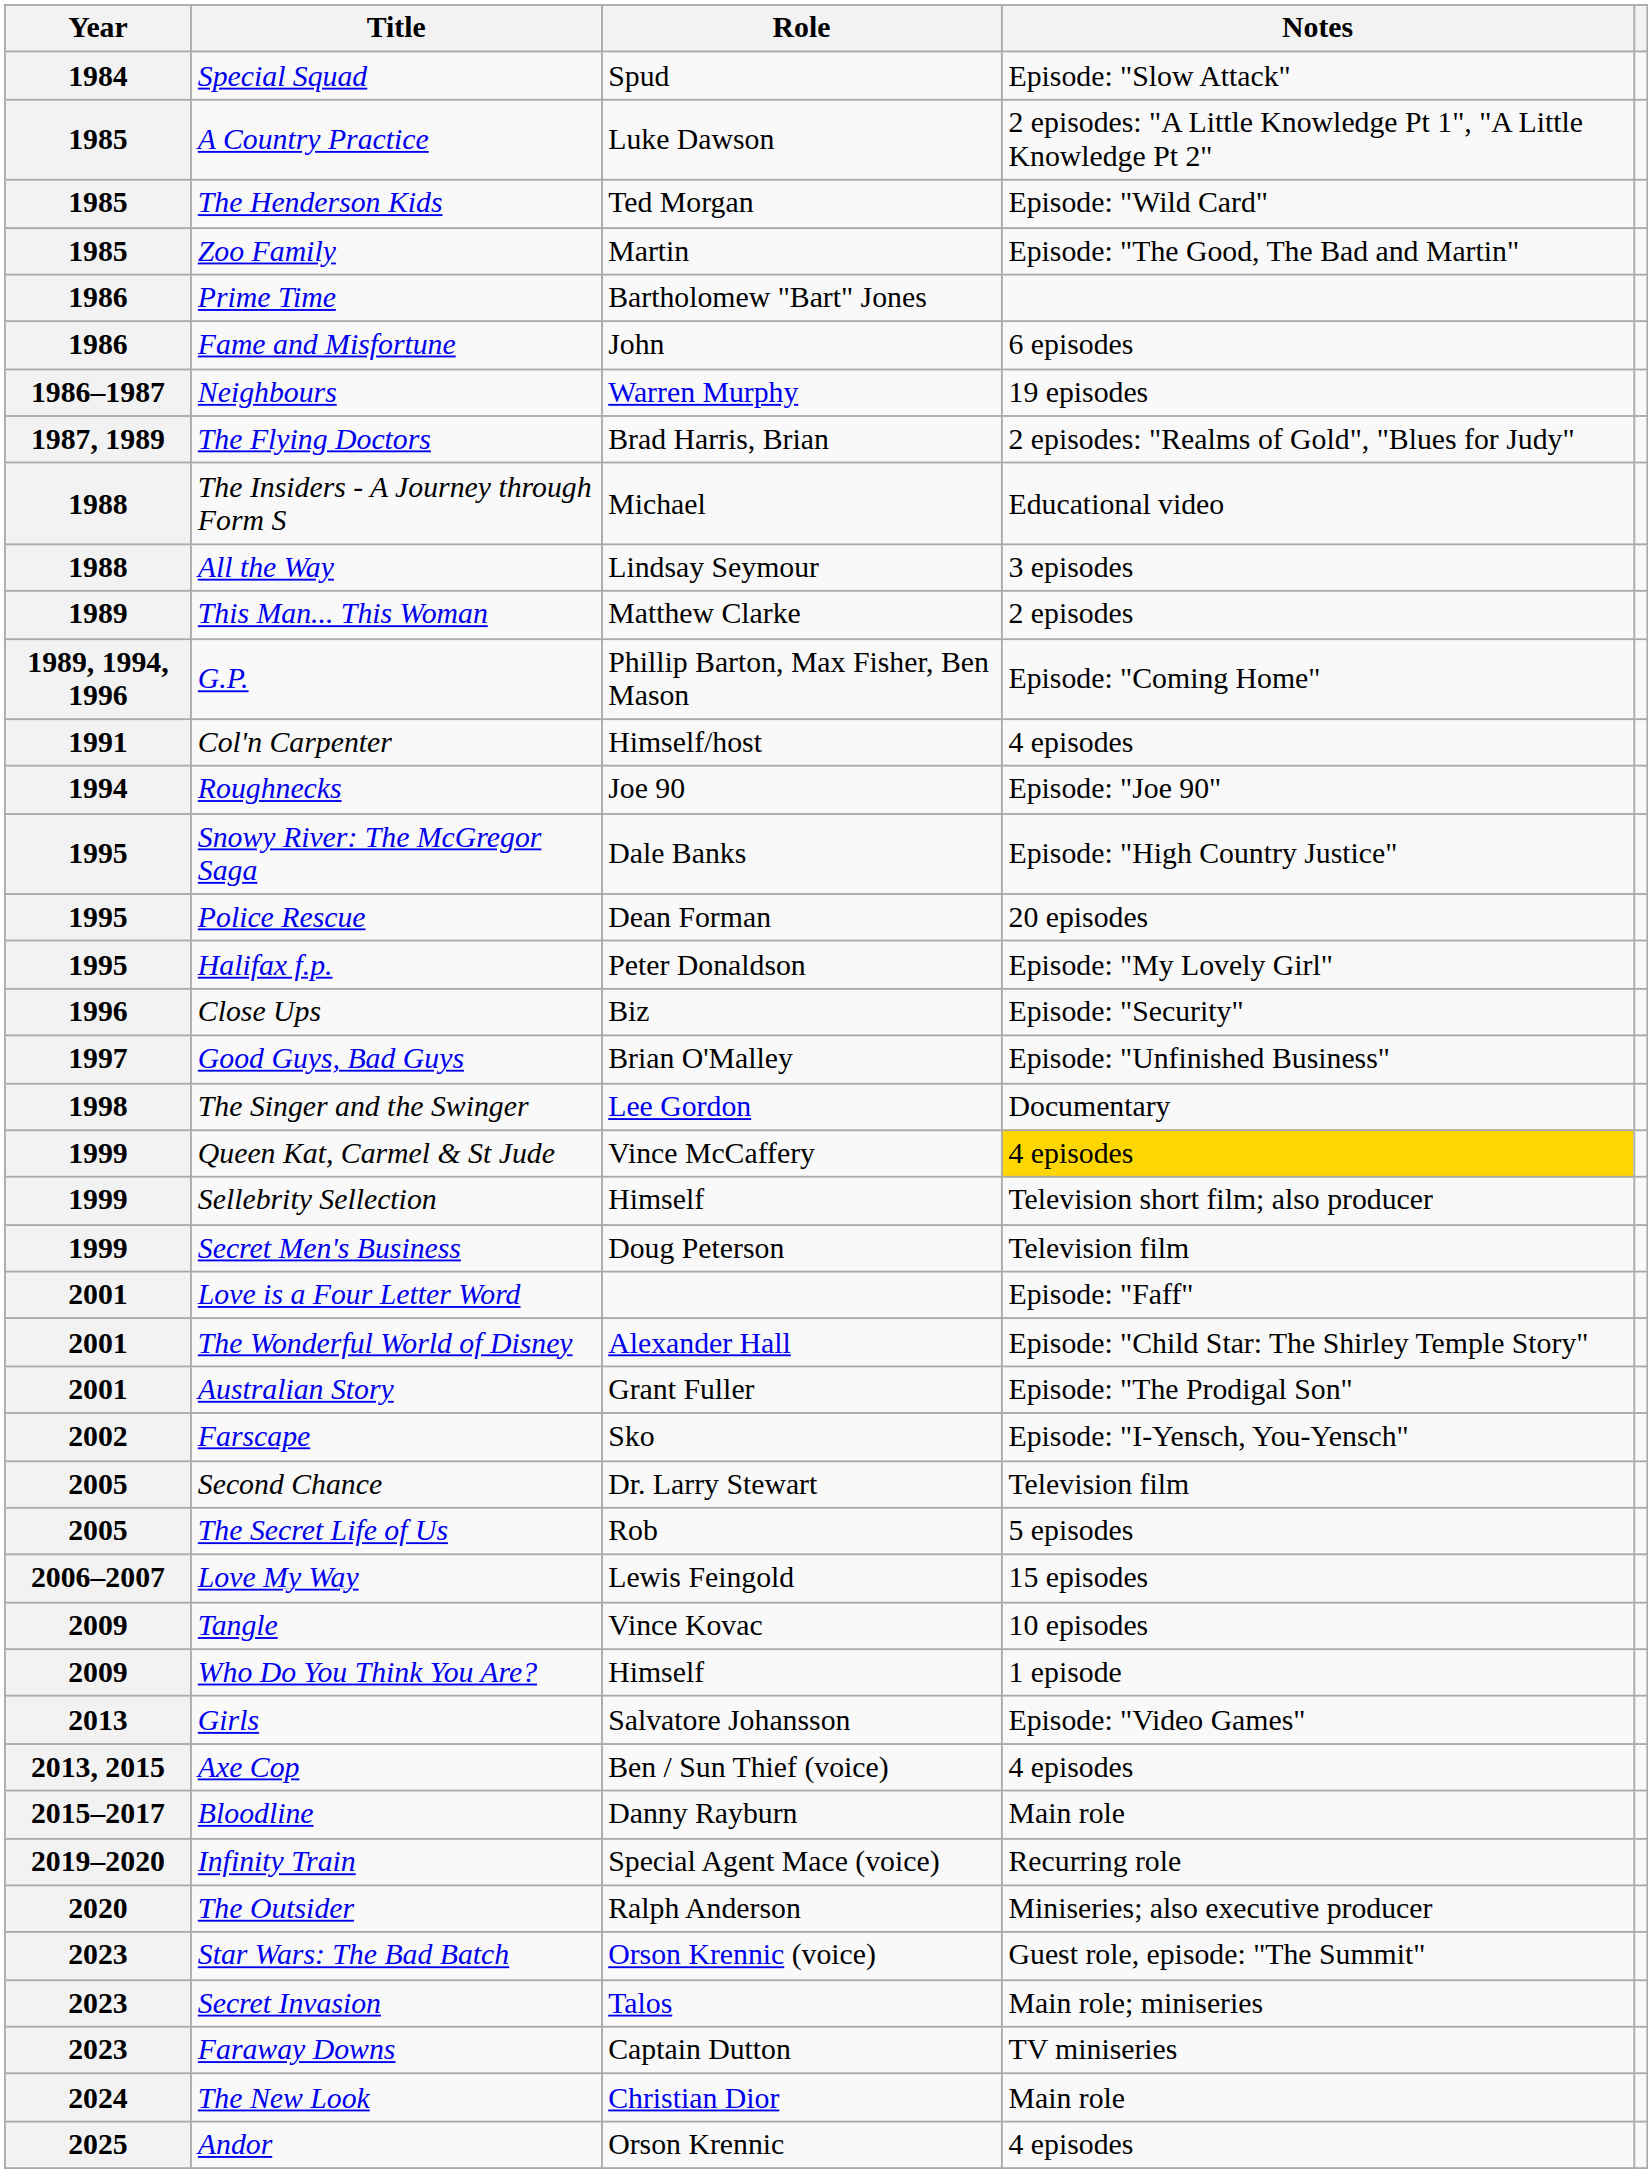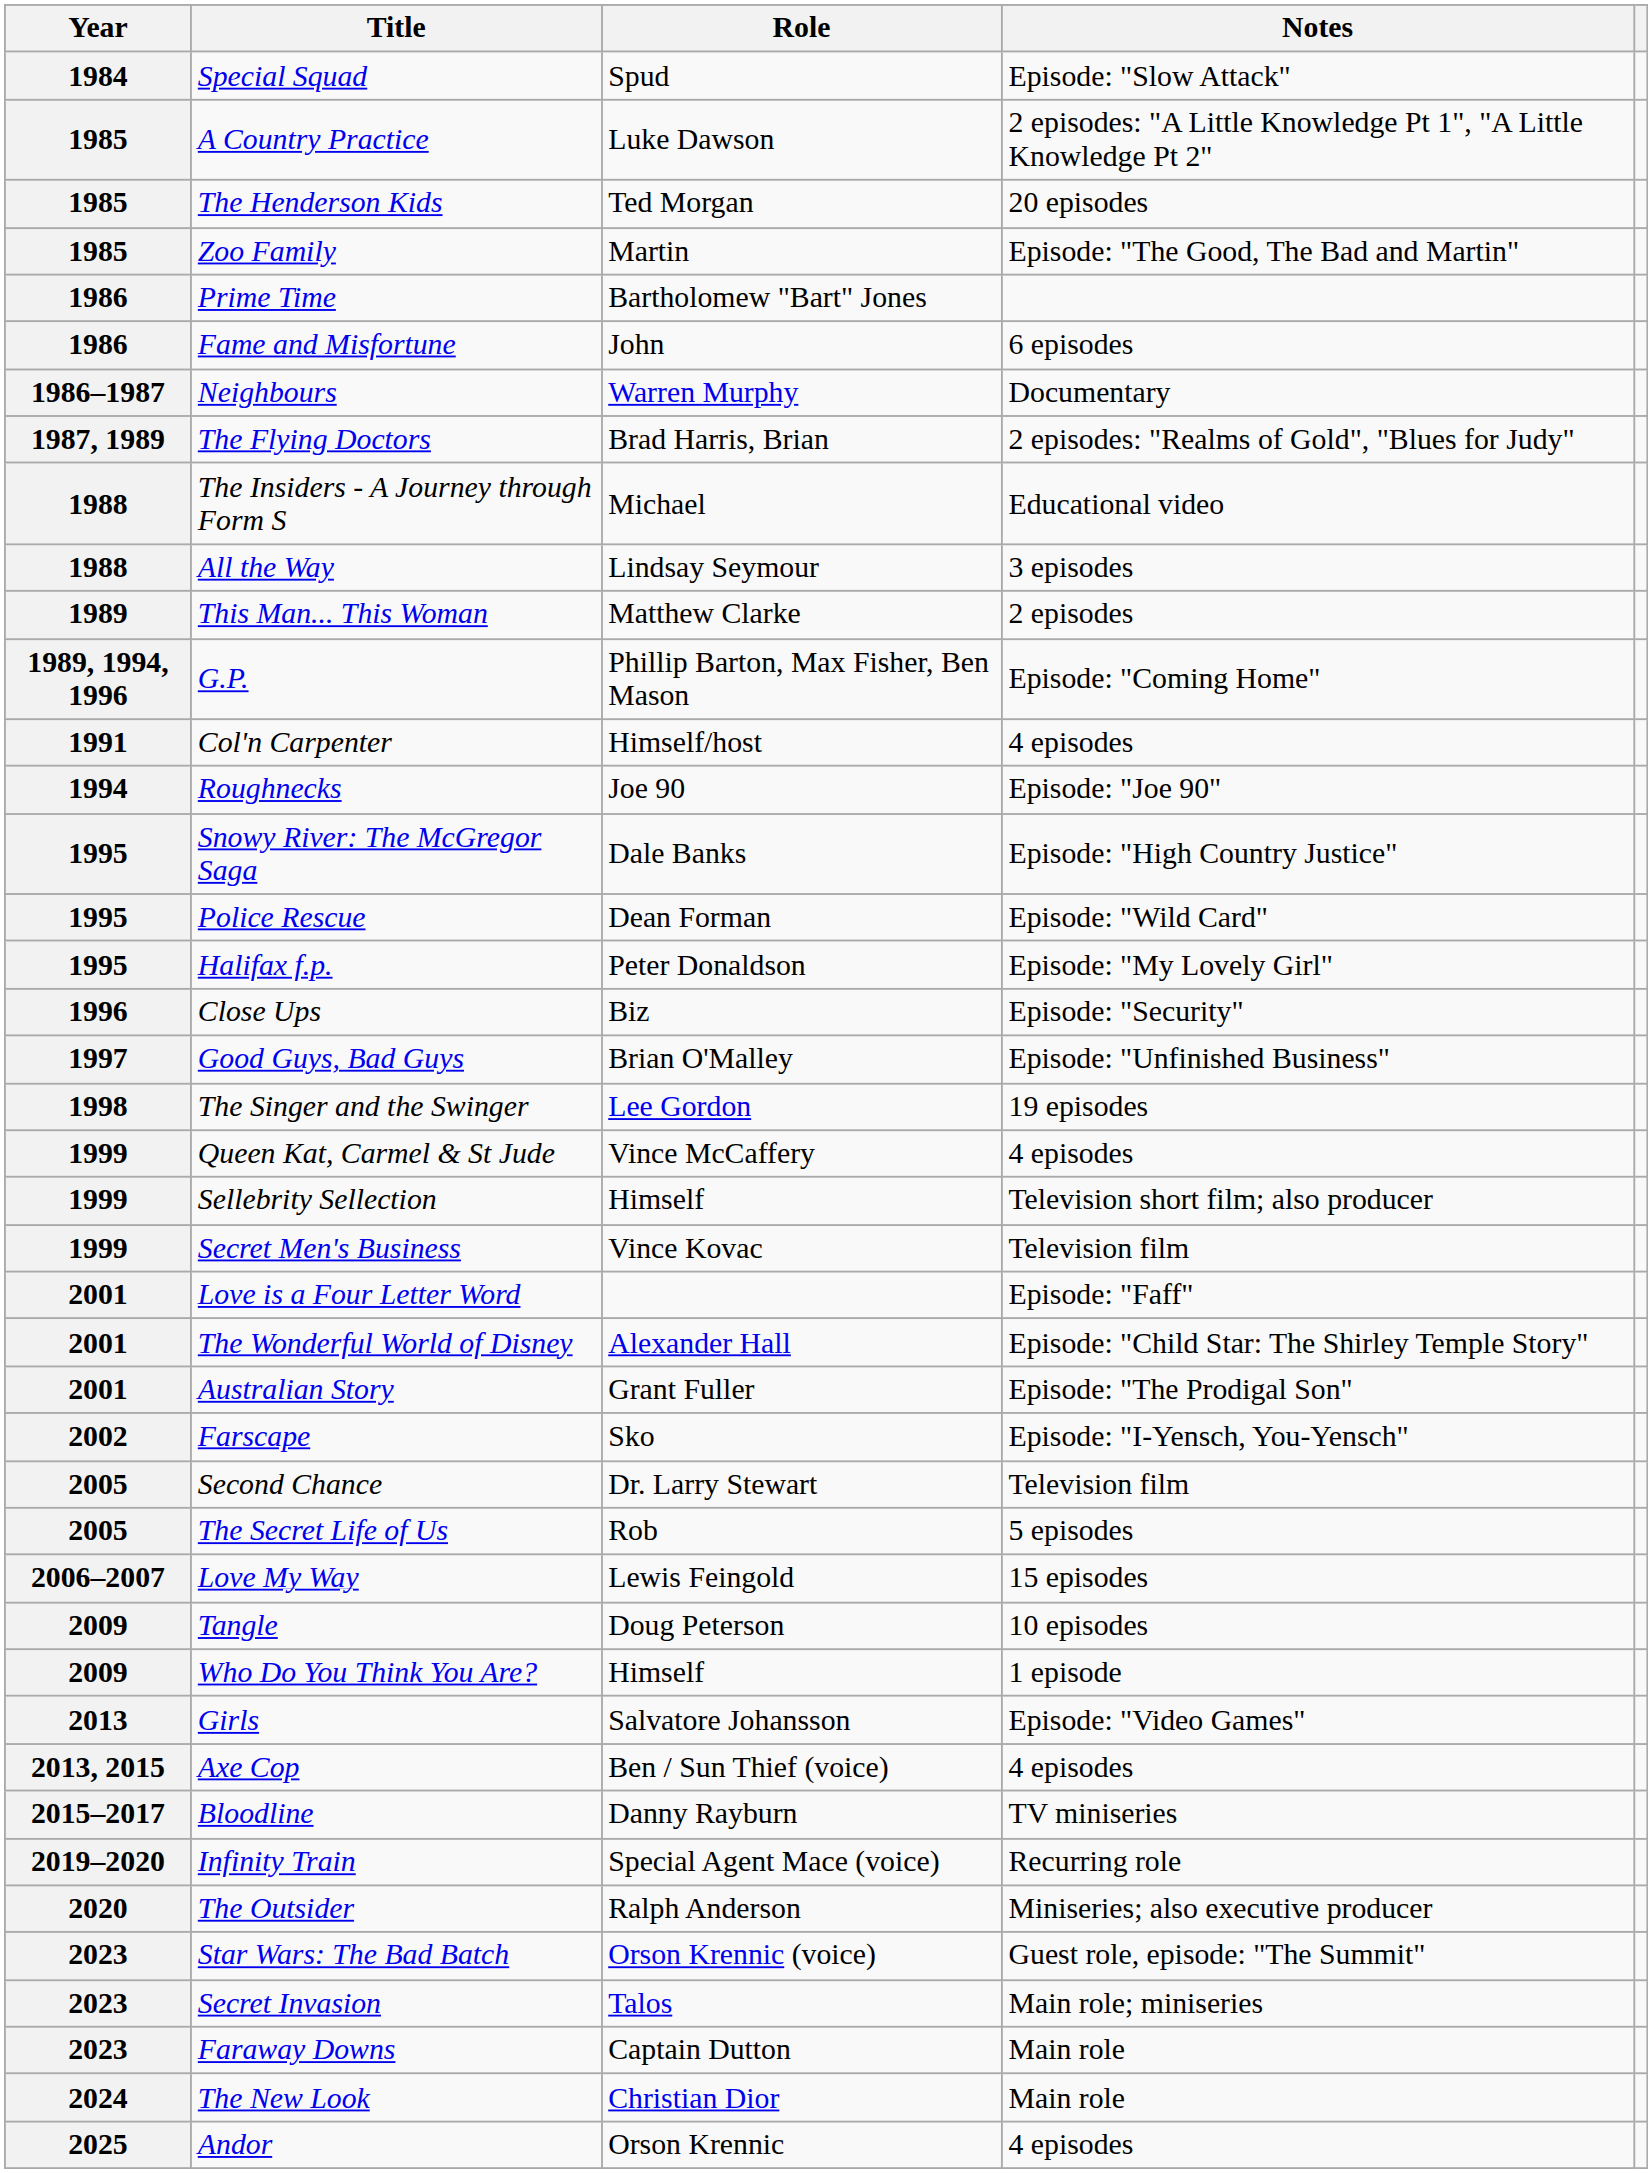 <table class="wikitable plainrowheaders sortable" style="margin-right: 0;">
 <tr>
 <th scope="col">Year</th>
 <th scope="col">Title</th>
 <th scope="col">Role</th>
 <th scope="col" class="unsortable">Notes</th>
 <th scope="col" class="unsortable"></th>
 </tr>
 <tr>
 <th scope="row">1984</th>
 <td><em><a href='#'>Special Squad</a></em></td>
 <td>Spud</td>
 <td>Episode: "Slow Attack"</td>
 <td style="text-align: center;"></td>
 </tr>
 <tr>
 <th scope="row">1985</th>
 <td><em><a href='#'>A Country Practice</a></em></td>
 <td>Luke Dawson</td>
 <td>2 episodes: "A Little Knowledge Pt 1", "A Little Knowledge Pt 2"</td>
 <td style="text-align: center;"></td>
 </tr>
 <tr>
 <th scope="row">1985</th>
 <td><em><a href='#'>The Henderson Kids</a></em></td>
 <td>Ted Morgan</td>
-<td>Episode: "Wild Card"</td>
+<td>20 episodes</td>
 <td style="text-align: center;"></td>
 </tr>
 <tr>
 <th scope="row">1985</th>
 <td><em><a href='#'>Zoo Family</a></em></td>
 <td>Martin</td>
 <td>Episode: "The Good, The Bad and Martin"</td>
 <td style="text-align: center;"></td>
 </tr>
 <tr>
 <th scope="row">1986</th>
 <td><em><a href='#'>Prime Time</a></em></td>
 <td>Bartholomew "Bart" Jones</td>
 <td></td>
 <td style="text-align: center;"></td>
 </tr>
 <tr>
 <th scope="row">1986</th>
 <td><em><a href='#'>Fame and Misfortune</a></em></td>
 <td>John</td>
 <td>6 episodes</td>
 <td style="text-align: center;"></td>
 </tr>
 <tr>
 <th scope="row">1986–1987</th>
 <td><em><a href='#'>Neighbours</a></em></td>
 <td><a href='#'>Warren Murphy</a></td>
-<td>19 episodes</td>
+<td>Documentary</td>
 <td style="text-align: center;"></td>
 </tr>
 <tr>
 <th scope="row">1987, 1989</th>
 <td><em><a href='#'>The Flying Doctors</a></em></td>
 <td>Brad Harris, Brian</td>
 <td>2 episodes: "Realms of Gold", "Blues for Judy"</td>
 <td style="text-align: center;"></td>
 </tr>
 <tr>
 <th scope="row">1988</th>
 <td><em>The Insiders - A Journey through Form S</em></td>
 <td>Michael</td>
 <td>Educational video</td>
 <td style="text-align: center;"></td>
 </tr>
 <tr>
 <th scope="row">1988</th>
 <td><em><a href='#'>All the Way</a></em></td>
 <td>Lindsay Seymour</td>
 <td>3 episodes</td>
 <td style="text-align: center;"></td>
 </tr>
 <tr>
 <th scope="row">1989</th>
 <td><em><a href='#'>This Man... This Woman</a></em></td>
 <td>Matthew Clarke</td>
 <td>2 episodes</td>
 <td style="text-align: center;"></td>
 </tr>
 <tr>
 <th scope="row">1989, 1994, 1996</th>
 <td><em><a href='#'>G.P.</a></em></td>
 <td>Phillip Barton, Max Fisher, Ben Mason</td>
 <td>Episode: "Coming Home"</td>
 <td style="text-align: center;"></td>
 </tr>
 <tr>
 <th scope="row">1991</th>
 <td><em>Col'n Carpenter</em></td>
 <td>Himself/host</td>
 <td>4 episodes</td>
 <td style="text-align: center;"></td>
 </tr>
 <tr>
 <th scope="row">1994</th>
 <td><em><a href='#'>Roughnecks</a></em></td>
 <td>Joe 90</td>
 <td>Episode: "Joe 90"</td>
 <td style="text-align: center;"></td>
 </tr>
 <tr>
 <th scope="row">1995</th>
 <td><em><a href='#'>Snowy River: The McGregor Saga</a></em></td>
 <td>Dale Banks</td>
 <td>Episode: "High Country Justice"</td>
 <td style="text-align: center;"></td>
 </tr>
 <tr>
 <th scope="row">1995</th>
 <td><em><a href='#'>Police Rescue</a></em></td>
 <td>Dean Forman</td>
-<td>20 episodes</td>
+<td>Episode: "Wild Card"</td>
 <td style="text-align: center;"></td>
 </tr>
 <tr>
 <th scope="row">1995</th>
 <td><em><a href='#'>Halifax f.p.</a></em></td>
 <td>Peter Donaldson</td>
 <td>Episode: "My Lovely Girl"</td>
 <td style="text-align: center;"></td>
 </tr>
 <tr>
 <th scope="row">1996</th>
 <td><em>Close Ups</em></td>
 <td>Biz</td>
 <td>Episode: "Security"</td>
 <td style="text-align: center;"></td>
 </tr>
 <tr>
 <th scope="row">1997</th>
 <td><em><a href='#'>Good Guys, Bad Guys</a></em></td>
 <td>Brian O'Malley</td>
 <td>Episode: "Unfinished Business"</td>
 <td style="text-align: center;"></td>
 </tr>
 <tr>
 <th scope="row">1998</th>
 <td><em>The Singer and the Swinger</em></td>
 <td><a href='#'>Lee Gordon</a></td>
-<td>Documentary</td>
+<td>19 episodes</td>
 <td style="text-align: center;"></td>
 </tr>
 <tr>
 <th scope="row">1999</th>
 <td><em>Queen Kat, Carmel & St Jude</em></td>
 <td>Vince McCaffery</td>
-<td style="background: gold;">4 episodes</td>
+<td>4 episodes</td>
 <td style="text-align: center;"></td>
 </tr>
 <tr>
 <th scope="row">1999</th>
 <td><em>Sellebrity Sellection</em></td>
 <td>Himself</td>
 <td>Television short film; also producer</td>
 <td style="text-align: center;"></td>
 </tr>
 <tr>
 <th scope="row">1999</th>
 <td><em><a href='#'>Secret Men's Business</a></em></td>
-<td>Doug Peterson</td>
+<td>Vince Kovac</td>
 <td>Television film</td>
 <td style="text-align: center;"></td>
 </tr>
 <tr>
 <th scope="row">2001</th>
 <td><em><a href='#'>Love is a Four Letter Word</a></em></td>
 <td></td>
 <td>Episode: "Faff"</td>
 <td style="text-align: center;"></td>
 </tr>
 <tr>
 <th scope="row">2001</th>
 <td><em><a href='#'>The Wonderful World of Disney</a></em></td>
 <td><a href='#'>Alexander Hall</a></td>
 <td>Episode: "Child Star: The Shirley Temple Story"</td>
 <td style="text-align: center;"></td>
 </tr>
 <tr>
 <th scope="row">2001</th>
 <td><em><a href='#'>Australian Story</a></em></td>
 <td>Grant Fuller</td>
 <td>Episode: "The Prodigal Son"</td>
 <td style="text-align: center;"></td>
 </tr>
 <tr>
 <th scope="row">2002</th>
 <td><em><a href='#'>Farscape</a></em></td>
 <td>Sko</td>
 <td>Episode: "I-Yensch, You-Yensch"</td>
 <td style="text-align: center;"></td>
 </tr>
 <tr>
 <th scope="row">2005</th>
 <td><em>Second Chance</em></td>
 <td>Dr. Larry Stewart</td>
 <td>Television film</td>
 <td style="text-align: center;"></td>
 </tr>
 <tr>
 <th scope="row">2005</th>
 <td><em><a href='#'>The Secret Life of Us</a></em></td>
 <td>Rob</td>
 <td>5 episodes</td>
 <td style="text-align: center;"></td>
 </tr>
 <tr>
 <th scope="row">2006–2007</th>
 <td><em><a href='#'>Love My Way</a></em></td>
 <td>Lewis Feingold</td>
 <td>15 episodes</td>
 <td style="text-align: center;"></td>
 </tr>
 <tr>
 <th scope="row">2009</th>
 <td><em><a href='#'>Tangle</a></em></td>
-<td>Vince Kovac</td>
+<td>Doug Peterson</td>
 <td>10 episodes</td>
 <td style="text-align: center;"></td>
 </tr>
 <tr>
 <th scope="row">2009</th>
 <td><em><a href='#'>Who Do You Think You Are?</a></em></td>
 <td>Himself</td>
 <td>1 episode</td>
 <td style="text-align: center;"></td>
 </tr>
 <tr>
 <th scope="row">2013</th>
 <td><em><a href='#'>Girls</a></em></td>
 <td>Salvatore Johansson</td>
 <td>Episode: "Video Games"</td>
 <td style="text-align: center;"></td>
 </tr>
 <tr>
 <th scope="row">2013, 2015</th>
 <td><em><a href='#'>Axe Cop</a></em></td>
 <td>Ben / Sun Thief (voice)</td>
 <td>4 episodes</td>
 <td style="text-align: center;"></td>
 </tr>
 <tr>
 <th scope="row">2015–2017</th>
 <td><em><a href='#'>Bloodline</a></em></td>
 <td>Danny Rayburn</td>
-<td>Main role</td>
+<td>TV miniseries</td>
 <td style="text-align: center;"></td>
 </tr>
 <tr>
 <th scope="row">2019–2020</th>
 <td><em><a href='#'>Infinity Train</a></em></td>
 <td>Special Agent Mace (voice)</td>
 <td>Recurring role</td>
 <td style="text-align: center;"></td>
 </tr>
 <tr>
 <th scope="row">2020</th>
 <td><em><a href='#'>The Outsider</a></em></td>
 <td>Ralph Anderson</td>
 <td>Miniseries; also executive producer</td>
 <td style="text-align: center;"></td>
 </tr>
 <tr>
 <th scope="row">2023</th>
 <td><em><a href='#'>Star Wars: The Bad Batch</a></em></td>
 <td><a href='#'>Orson Krennic</a> (voice)</td>
 <td>Guest role, episode: "The Summit"</td>
 <td style="text-align: center;"></td>
 </tr>
 <tr>
 <th scope="row">2023</th>
 <td><em><a href='#'>Secret Invasion</a></em></td>
 <td><a href='#'>Talos</a></td>
 <td>Main role; miniseries</td>
 <td style="text-align: center;"></td>
 </tr>
 <tr>
 <th scope="row">2023</th>
 <td><em><a href='#'>Faraway Downs</a></em></td>
 <td>Captain Dutton</td>
-<td>TV miniseries</td>
+<td>Main role</td>
 <td style="text-align: center;"></td>
 </tr>
 <tr>
 <th scope="row">2024</th>
 <td><em><a href='#'>The New Look</a></em></td>
 <td><a href='#'>Christian Dior</a></td>
 <td>Main role</td>
 <td style="text-align: center;"></td>
 </tr>
 <tr>
 <th scope="row">2025</th>
 <td><em><a href='#'>Andor</a></em></td>
 <td>Orson Krennic</td>
 <td>4 episodes</td>
 <td></td>
 </tr>
 </table>
